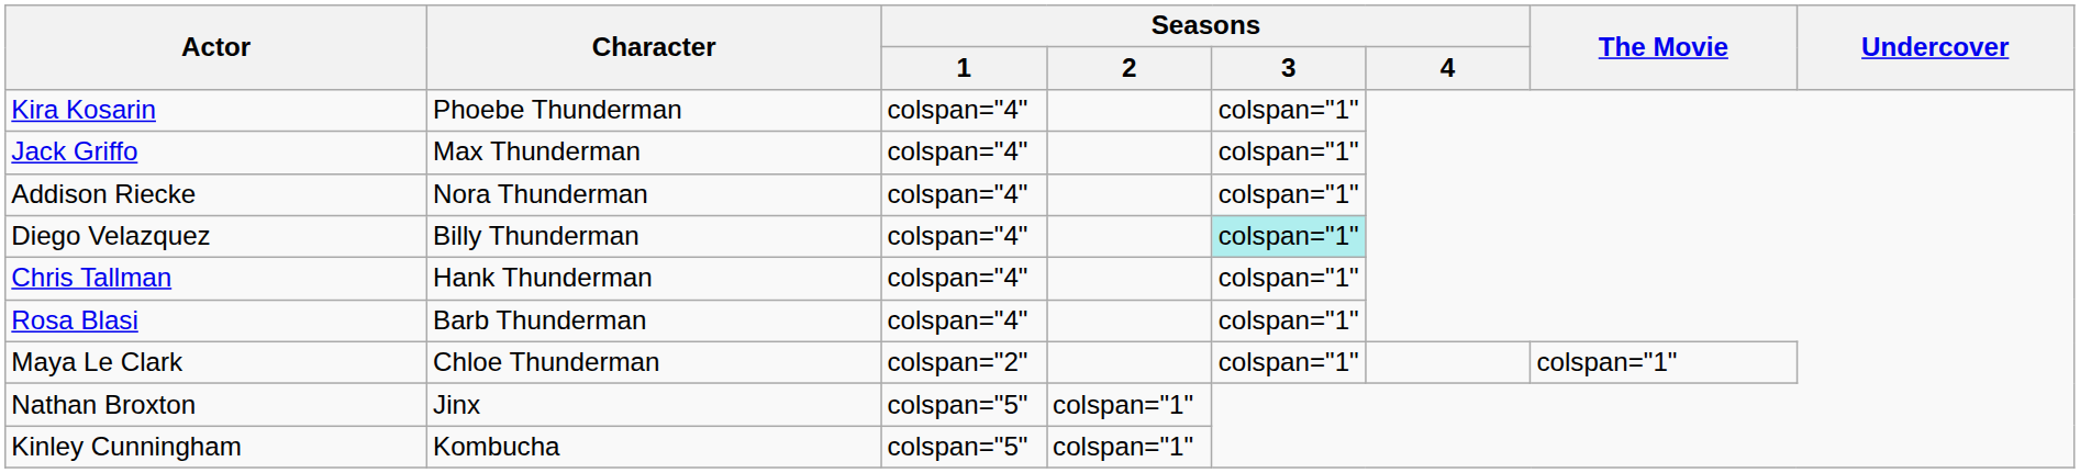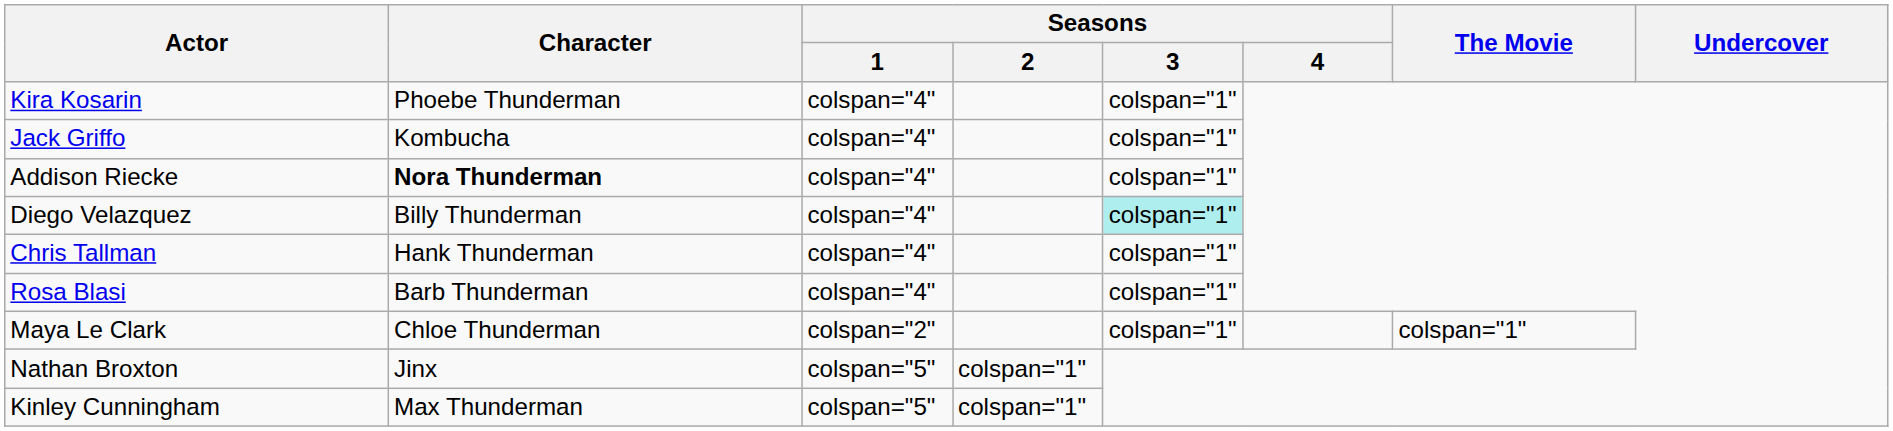 <table class="wikitable">
 <tr>
 <th rowspan="2">Actor</th>
 <th rowspan="2">Character</th>
 <th colspan="4">Seasons</th>
 <th rowspan="2"><a href='#'>The Movie</a></th>
 <th rowspan="2"><a href='#'>Undercover</a></th>
 </tr>
 <tr>
 <th style="width:8%;">1</th>
 <th style="width:8%;">2</th>
 <th style="width:5%;">3</th>
 <th style="width:8%;">4</th>
 </tr>
 <tr>
 <td><a href='#'>Kira Kosarin</a></td>
 <td>Phoebe Thunderman</td>
 <td>colspan="4" </td>
 <td></td>
 <td>colspan="1" </td>
 </tr>
 <tr>
 <td><a href='#'>Jack Griffo</a></td>
-<td>Max Thunderman</td>
+<td>Kombucha</td>
 <td>colspan="4" </td>
 <td></td>
 <td>colspan="1" </td>
 </tr>
 <tr>
 <td>Addison Riecke</td>
-<td>Nora Thunderman</td>
+<td><strong>Nora Thunderman</strong></td>
 <td>colspan="4" </td>
 <td></td>
 <td>colspan="1" </td>
 </tr>
 <tr>
 <td>Diego Velazquez</td>
 <td>Billy Thunderman</td>
 <td>colspan="4" </td>
 <td></td>
 <td style="background: paleturquoise;">colspan="1" </td>
 </tr>
 <tr>
 <td><a href='#'>Chris Tallman</a></td>
 <td>Hank Thunderman</td>
 <td>colspan="4" </td>
 <td></td>
 <td>colspan="1" </td>
 </tr>
 <tr>
 <td><a href='#'>Rosa Blasi</a></td>
 <td>Barb Thunderman</td>
 <td>colspan="4" </td>
 <td></td>
 <td>colspan="1" </td>
 </tr>
 <tr>
 <td>Maya Le Clark</td>
 <td>Chloe Thunderman</td>
 <td>colspan="2" </td>
 <td></td>
 <td>colspan="1" </td>
 <td></td>
 <td>colspan="1" </td>
 </tr>
 <tr>
 <td>Nathan Broxton</td>
 <td>Jinx</td>
 <td>colspan="5" </td>
 <td>colspan="1" </td>
 </tr>
 <tr>
 <td>Kinley Cunningham</td>
-<td>Kombucha</td>
+<td>Max Thunderman</td>
 <td>colspan="5" </td>
 <td>colspan="1" </td>
 </tr>
 </table>
